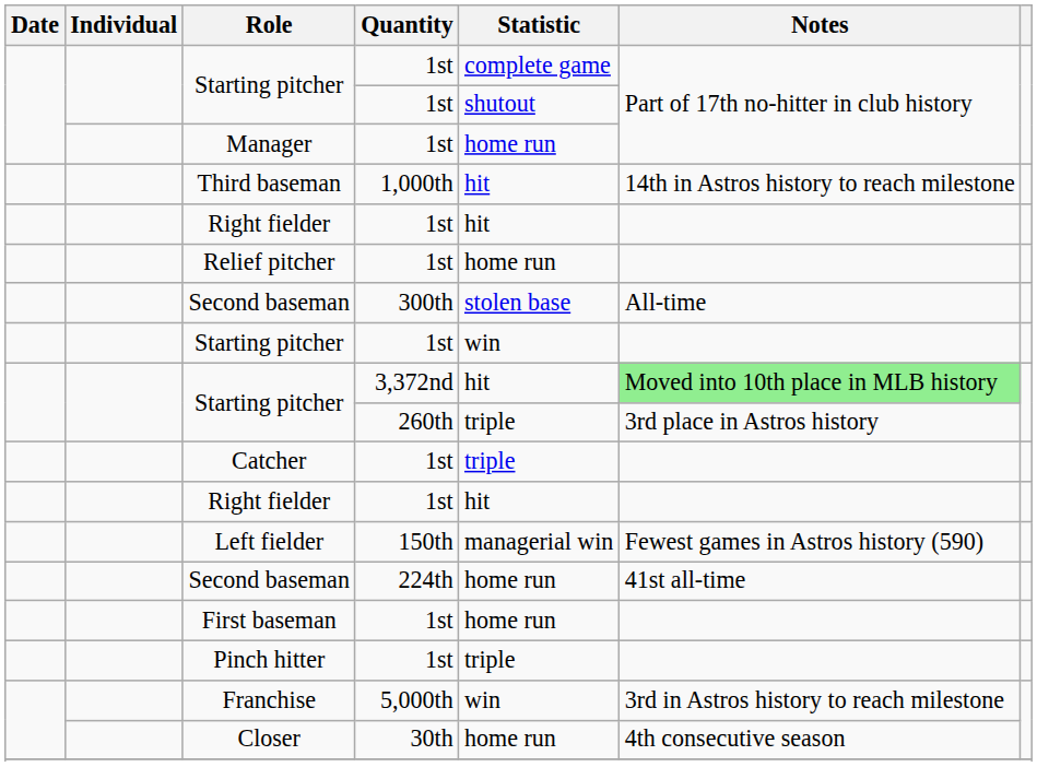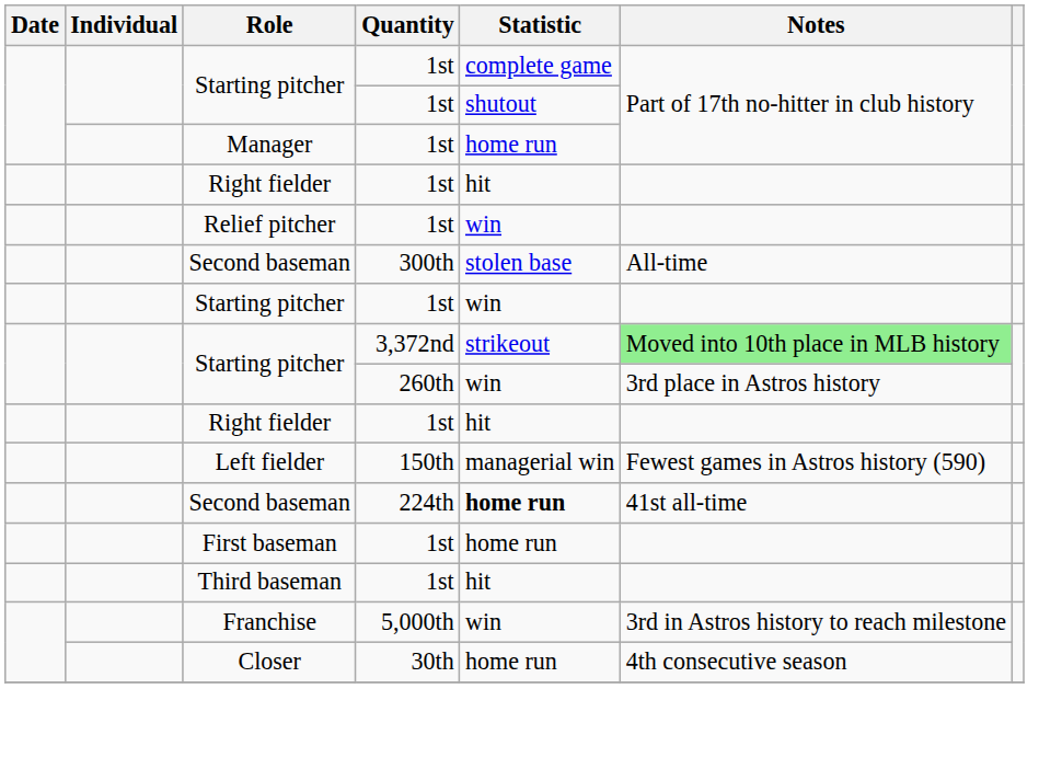 <table class="wikitable sortable" style="font-size: 90%">
 <tr>
 <th>Date</th>
 <th>Individual</th>
 <th>Role</th>
 <th>Quantity</th>
 <th>Statistic</th>
 <th>Notes</th>
 <th></th>
 </tr>
 <tr>
 <td rowspan="3"></td>
 <td rowspan="2"></td>
 <td rowspan="2" align=center>Starting pitcher</td>
 <td align=right>1st</td>
 <td><a href='#'>complete game</a></td>
 <td rowspan="3">Part of 17th no-hitter in club history</td>
 <td rowspan="3" align=center></td>
 </tr>
 <tr>
 <td align=right>1st</td>
 <td><a href='#'>shutout</a></td>
 </tr>
 <tr>
 <td></td>
 <td align=center>Manager</td>
 <td align=right>1st</td>
 <td><a href='#'>home run</a></td>
 </tr>
 <tr>
 <td></td>
 <td></td>
-<td align=center>Third baseman</td>
-<td align=right>1,000th</td>
-<td><a href='#'>hit</a></td>
-<td>14th in Astros history to reach milestone</td>
-<td align=center></td>
-</tr>
-<tr>
-<td></td>
-<td></td>
 <td align=center>Right fielder</td>
 <td align=right>1st</td>
 <td>hit</td>
 <td></td>
 <td align=center></td>
 </tr>
 <tr>
 <td></td>
 <td></td>
 <td align=center>Relief pitcher</td>
 <td align=right>1st</td>
-<td>home run</td>
+<td><a href='#'>win</a></td>
 <td align=center></td>
 <td align=center></td>
 </tr>
 <tr>
 <td></td>
 <td></td>
 <td align=center>Second baseman</td>
 <td align=right>300th</td>
 <td><a href='#'>stolen base</a></td>
 <td rowspan="">All-time</td>
 <td align=center></td>
 </tr>
 <tr>
 <td></td>
 <td></td>
 <td align=center>Starting pitcher</td>
 <td align=right>1st</td>
 <td>win</td>
 <td></td>
 <td align=center></td>
 </tr>
 <tr>
 <td rowspan="2"></td>
 <td rowspan="2"></td>
 <td rowspan="2" align=center>Starting pitcher</td>
 <td align=right>3,372nd</td>
-<td>hit</td>
+<td><a href='#'>strikeout</a></td>
 <td style="background: lightgreen;">Moved into 10th place in MLB history</td>
 <td rowspan="2" align=center></td>
 </tr>
 <tr>
 <td align=right>260th</td>
-<td>triple</td>
+<td>win</td>
 <td>3rd place in Astros history</td>
-</tr>
-<tr>
-<td></td>
-<td></td>
-<td align=center>Catcher</td>
-<td align=right>1st</td>
-<td><a href='#'>triple</a></td>
-<td></td>
-<td align=center></td>
 </tr>
 <tr>
 <td></td>
 <td></td>
 <td align=center>Right fielder</td>
 <td align=right>1st</td>
 <td>hit</td>
 <td></td>
 <td align=center></td>
 </tr>
 <tr>
 <td></td>
 <td></td>
 <td align=center>Left fielder</td>
 <td align=right>150th</td>
 <td>managerial win</td>
 <td>Fewest games in Astros history (590)</td>
 <td align=center></td>
 </tr>
 <tr>
 <td></td>
 <td></td>
 <td align=center>Second baseman</td>
 <td align=right>224th</td>
-<td>home run</td>
+<td><strong>home run</strong></td>
 <td>41st all-time</td>
 <td align=center></td>
 </tr>
 <tr>
 <td></td>
 <td></td>
 <td align=center>First baseman</td>
 <td align=right>1st</td>
 <td>home run</td>
 <td></td>
 <td align=center></td>
 </tr>
 <tr>
 <td></td>
 <td></td>
-<td align=center>Pinch hitter</td>
+<td align=center>Third baseman</td>
 <td align=right>1st</td>
-<td>triple</td>
+<td>hit</td>
 <td></td>
 <td align=center></td>
 </tr>
 <tr>
 <td rowspan="2"></td>
 <td></td>
 <td align=center>Franchise</td>
 <td align=right>5,000th</td>
 <td>win</td>
 <td>3rd in Astros history to reach milestone</td>
 <td rowspan="2" align=center></td>
 </tr>
 <tr>
 <td></td>
 <td align=center>Closer</td>
 <td align=right>30th</td>
 <td>home run</td>
 <td>4th consecutive season</td>
 </tr>
 <tr>
 </tr>
 <tr>
 </tr>
 </table>
